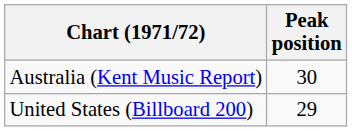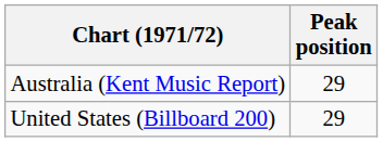 <table class="wikitable">
 <tr>
 <th scope="col">Chart (1971/72)</th>
 <th>Peak<br>position</th>
 </tr>
 <tr>
 <td>Australia (<a href='#'>Kent Music Report</a>)</td>
-<td style="text-align:center;">30</td>
+<td style="text-align:center;">29</td>
 </tr>
 <tr>
 <td>United States (<a href='#'>Billboard 200</a>)</td>
 <td style="text-align:center;">29</td>
 </tr>
 </table>
